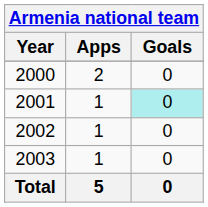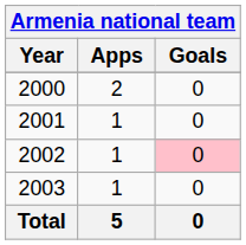 <table class="wikitable" style="text-align:center">
 <tr>
 <th colspan=3><a href='#'>Armenia national team</a></th>
 </tr>
 <tr>
 <th>Year</th>
 <th>Apps</th>
 <th>Goals</th>
 </tr>
 <tr>
 </tr>
 <tr>
 <td>2000</td>
 <td>2</td>
 <td>0</td>
 </tr>
 <tr>
 <td>2001</td>
 <td>1</td>
-<td style="background: paleturquoise;">0</td>
+<td>0</td>
 </tr>
 <tr>
 <td>2002</td>
 <td>1</td>
-<td>0</td>
+<td style="background: pink;">0</td>
 </tr>
 <tr>
 <td>2003</td>
 <td>1</td>
 <td>0</td>
 </tr>
 <tr>
 <th>Total</th>
 <th>5</th>
 <th>0</th>
 </tr>
 </table>
